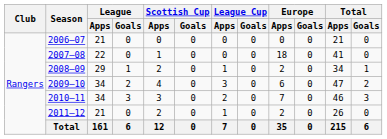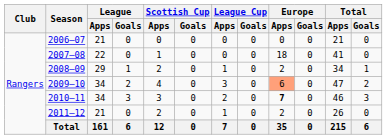 <table class="wikitable" style="text-align:center">
 <tr>
 <th rowspan="2">Club</th>
 <th rowspan="2">Season</th>
 <th colspan="2">League</th>
 <th colspan="2"><a href='#'>Scottish Cup</a></th>
 <th colspan="2"><a href='#'>League Cup</a></th>
 <th colspan="2">Europe</th>
 <th colspan="2">Total</th>
 </tr>
 <tr>
 <th>Apps</th>
 <th>Goals</th>
 <th>Apps</th>
 <th>Goals</th>
 <th>Apps</th>
 <th>Goals</th>
 <th>Apps</th>
 <th>Goals</th>
 <th>Apps</th>
 <th>Goals</th>
 </tr>
 <tr>
 <td rowspan="7"><a href='#'>Rangers</a></td>
 <td><a href='#'>2006–07</a></td>
 <td>21</td>
 <td>0</td>
 <td>0</td>
 <td>0</td>
 <td>0</td>
 <td>0</td>
 <td>0</td>
 <td>0</td>
 <td>21</td>
 <td>0</td>
 </tr>
 <tr>
 <td><a href='#'>2007–08</a></td>
 <td>22</td>
 <td>0</td>
 <td>1</td>
 <td>0</td>
 <td>0</td>
 <td>0</td>
 <td>18</td>
 <td>0</td>
 <td>41</td>
 <td>0</td>
 </tr>
 <tr>
 <td><a href='#'>2008–09</a></td>
 <td>29</td>
 <td>1</td>
 <td>2</td>
 <td>0</td>
 <td>1</td>
 <td>0</td>
 <td>2</td>
 <td>0</td>
 <td>34</td>
 <td>1</td>
 </tr>
 <tr>
 <td><a href='#'>2009–10</a></td>
 <td>34</td>
 <td>2</td>
 <td>4</td>
 <td>0</td>
 <td>3</td>
 <td>0</td>
-<td>6</td>
+<td style="background: lightsalmon;">6</td>
 <td>0</td>
 <td>47</td>
 <td>2</td>
 </tr>
 <tr>
 <td><a href='#'>2010–11</a></td>
 <td>34</td>
 <td>3</td>
 <td>3</td>
 <td>0</td>
 <td>2</td>
 <td>0</td>
-<td>7</td>
+<td><strong>7</strong></td>
 <td>0</td>
 <td>46</td>
 <td>3</td>
 </tr>
 <tr>
 <td><a href='#'>2011–12</a></td>
 <td>21</td>
 <td>0</td>
 <td>2</td>
 <td>0</td>
 <td>1</td>
 <td>0</td>
 <td>2</td>
 <td>0</td>
 <td>26</td>
 <td>0</td>
 </tr>
 <tr>
 <th>Total</th>
 <th>161</th>
 <th>6</th>
 <th>12</th>
 <th>0</th>
 <th>7</th>
 <th>0</th>
 <th>35</th>
 <th>0</th>
 <th>215</th>
 <th>6</th>
 </tr>
 </table>
